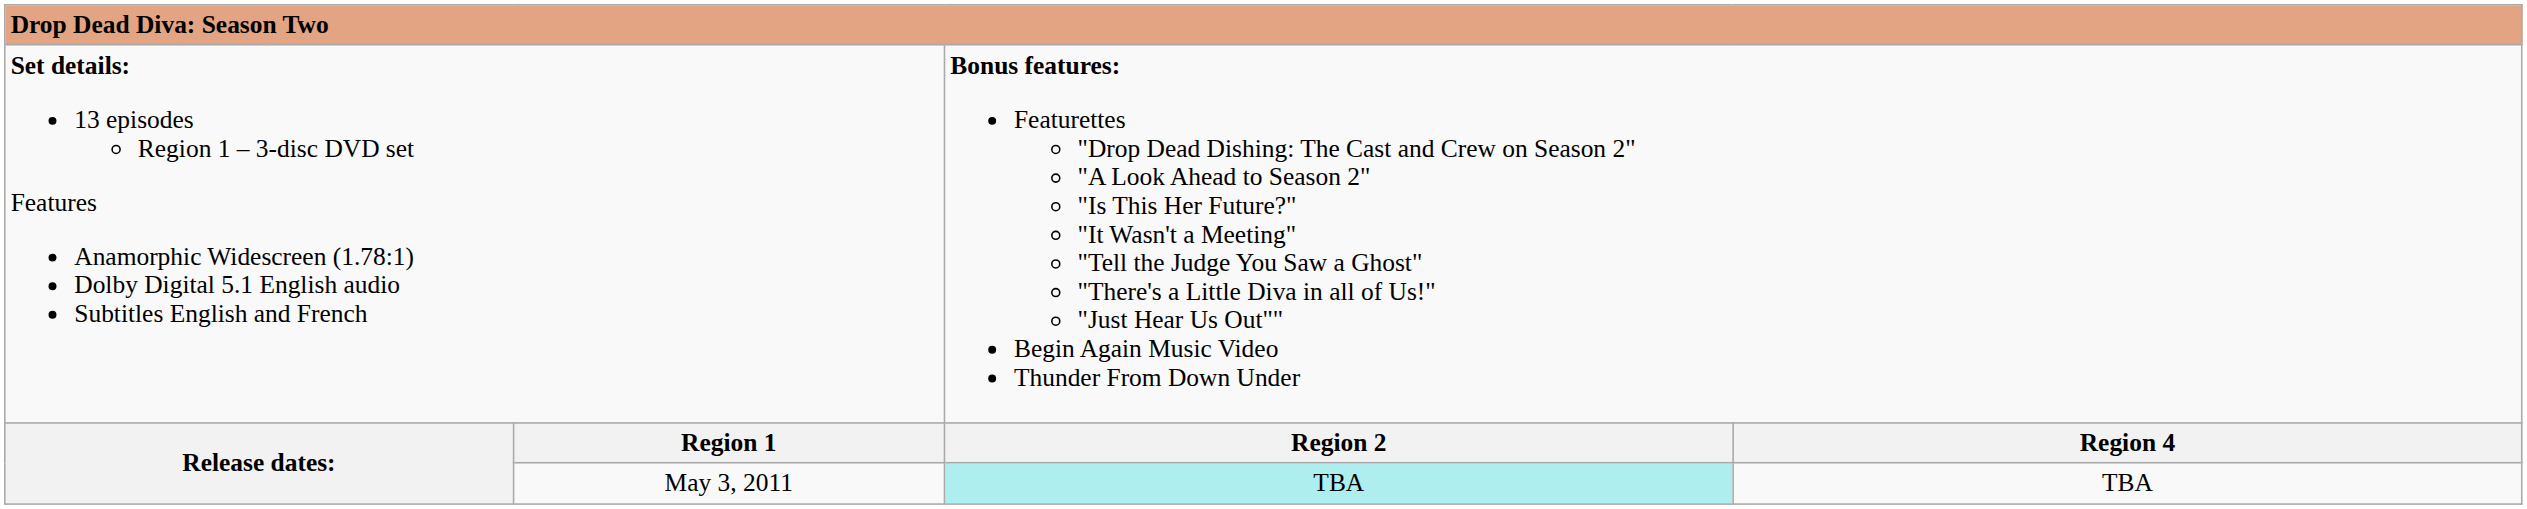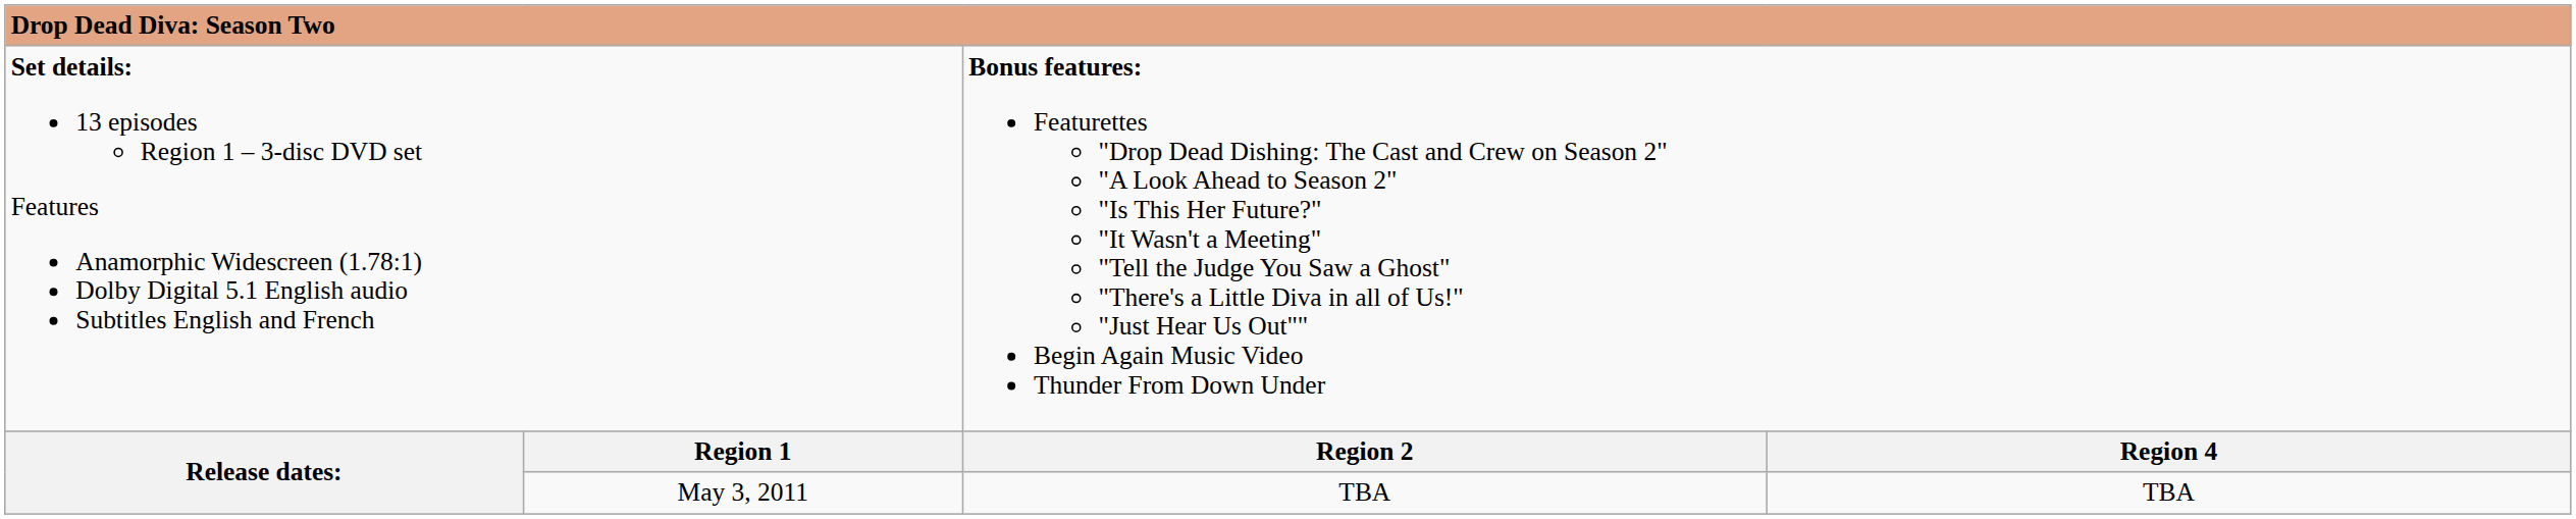 <table class="wikitable" width=100%>
 <tr>
 <td colspan="5" bgcolor="#e2a482"><strong>Drop Dead Diva: Season Two</strong></td>
 </tr>
 <tr>
 <td colspan="2" valign=top><strong>Set details:</strong><br><ul><li>13 episodes<ul><li>Region 1 – 3-disc DVD set</li></ul></li></ul>Features<ul><li>Anamorphic Widescreen (1.78:1)</li><li>Dolby Digital 5.1 English audio</li><li>Subtitles English and French</li></ul></td>
 <td colspan="3" valign=top><strong>Bonus features:</strong><br><ul><li>Featurettes<ul><li>"Drop Dead Dishing: The Cast and Crew on Season 2"</li><li>"A Look Ahead to Season 2"</li><li>"Is This Her Future?"</li><li>"It Wasn't a Meeting"</li><li>"Tell the Judge You Saw a Ghost"</li><li>"There's a Little Diva in all of Us!"</li><li>"Just Hear Us Out""</li></ul></li><li>Begin Again Music Video</li><li>Thunder From Down Under</li></ul></td>
 </tr>
 <tr>
 <th rowspan="2">Release dates:</th>
 <th>Region 1</th>
 <th>Region 2</th>
 <th>Region 4</th>
 </tr>
 <tr>
 <td align="center">May 3, 2011</td>
-<td align="center" style="background: paleturquoise;">TBA</td>
+<td align="center">TBA</td>
 <td align="center">TBA</td>
 </tr>
 </table>
